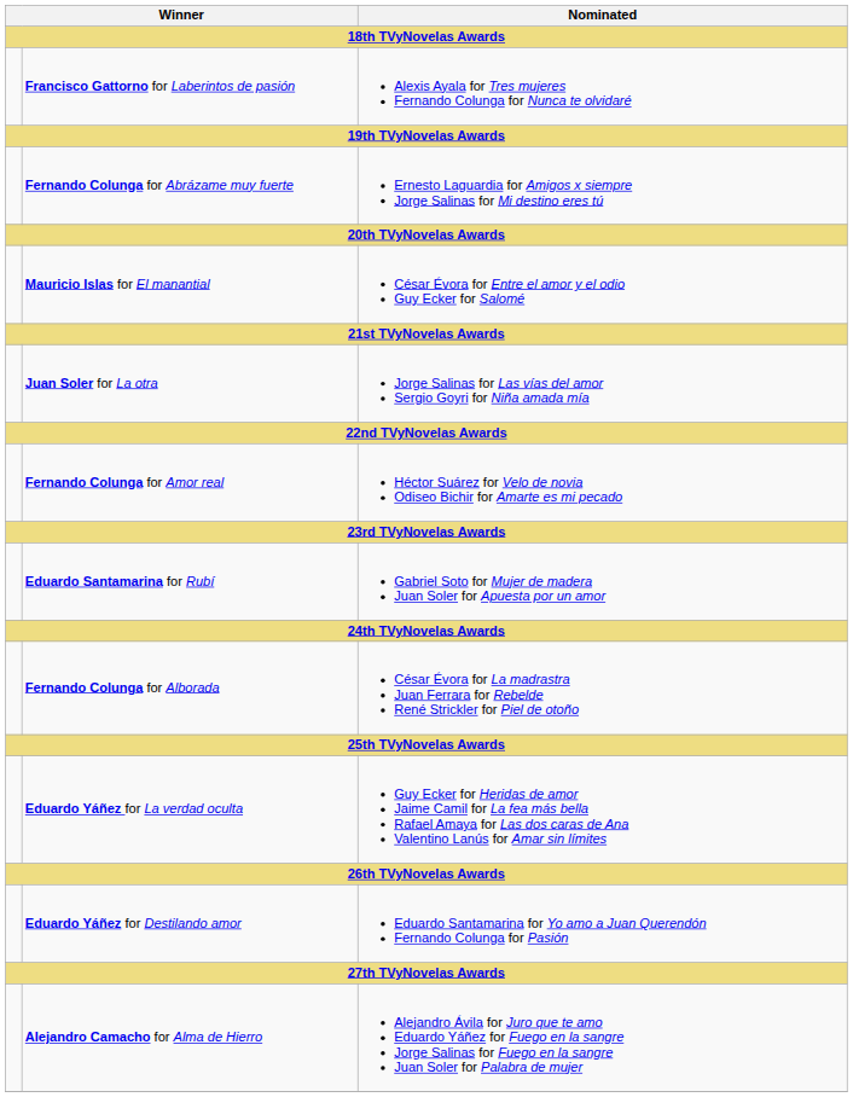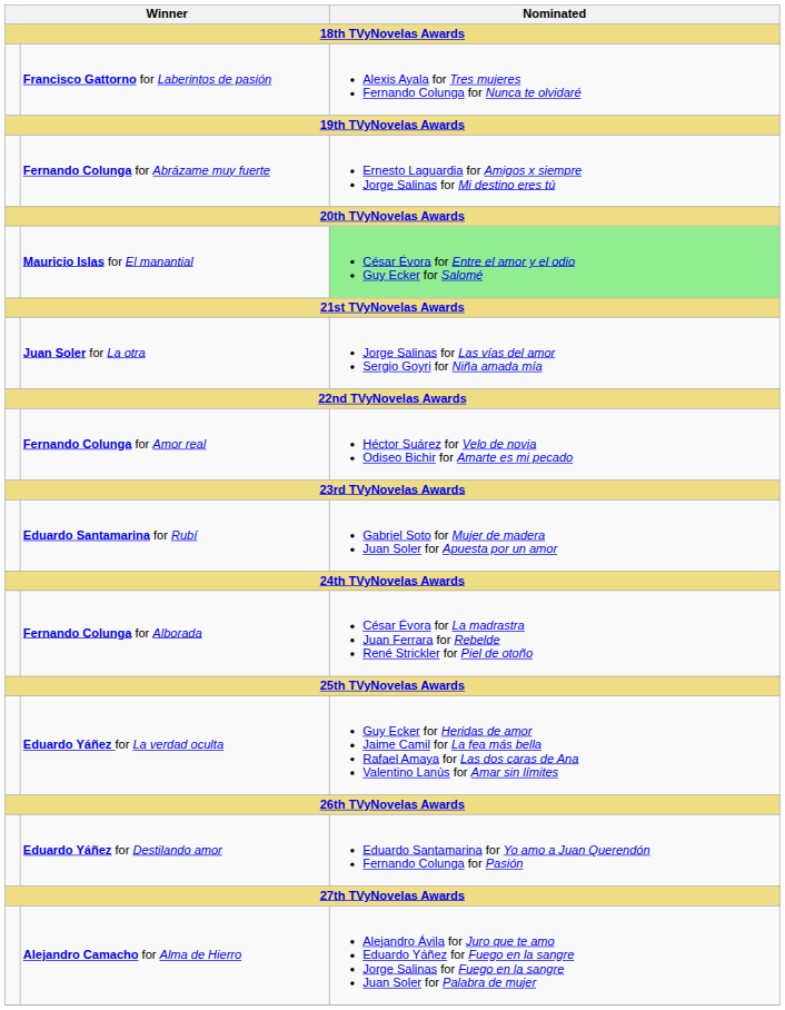 <table class="wikitable" width=80%>
 <tr align=center>
 <th width="150px;" colspan=2; align="center">Winner</th>
 <th width="580px;" align="center">Nominated</th>
 </tr>
 <tr>
 <th colspan=9 style="background:#EEDD82;"  align="center"><strong><a href='#'>18th TVyNovelas Awards</a></strong></th>
 </tr>
 <tr>
 <td width=2%></td>
 <td><strong><a href='#'>Francisco Gattorno</a></strong> for <em><a href='#'>Laberintos de pasión</a></em></td>
 <td><br><ul><li><a href='#'>Alexis Ayala</a> for <em><a href='#'>Tres mujeres</a></em></li><li><a href='#'>Fernando Colunga</a>  for <em><a href='#'>Nunca te olvidaré</a></em></li></ul></td>
 </tr>
 <tr>
 <th colspan=9 style="background:#EEDD82;"  align="center"><strong><a href='#'>19th TVyNovelas Awards</a></strong></th>
 </tr>
 <tr>
 <td width=2%></td>
 <td><strong><a href='#'>Fernando Colunga</a></strong> for <em><a href='#'>Abrázame muy fuerte</a></em></td>
 <td><br><ul><li><a href='#'>Ernesto Laguardia</a> for <em><a href='#'>Amigos x siempre</a></em></li><li><a href='#'>Jorge Salinas</a>  for <em><a href='#'>Mi destino eres tú</a></em></li></ul></td>
 </tr>
 <tr>
 <th colspan=9 style="background:#EEDD82;"  align="center"><strong><a href='#'>20th TVyNovelas Awards</a></strong></th>
 </tr>
 <tr>
 <td width=2%></td>
 <td><strong><a href='#'>Mauricio Islas</a></strong> for <em><a href='#'>El manantial</a></em></td>
-<td><br><ul><li><a href='#'>César Évora</a> for <em><a href='#'>Entre el amor y el odio</a></em></li><li><a href='#'>Guy Ecker</a>  for <em><a href='#'>Salomé</a></em></li></ul></td>
+<td style="background: lightgreen;"><br><ul><li><a href='#'>César Évora</a> for <em><a href='#'>Entre el amor y el odio</a></em></li><li><a href='#'>Guy Ecker</a>  for <em><a href='#'>Salomé</a></em></li></ul></td>
 </tr>
 <tr>
 <th colspan=9 style="background:#EEDD82;"  align="center"><strong><a href='#'>21st TVyNovelas Awards</a></strong></th>
 </tr>
 <tr>
 <td width=2%></td>
 <td><strong><a href='#'>Juan Soler</a></strong> for <em><a href='#'>La otra</a></em></td>
 <td><br><ul><li><a href='#'>Jorge Salinas</a> for <em><a href='#'>Las vías del amor</a></em></li><li><a href='#'>Sergio Goyri</a>  for <em><a href='#'>Niña amada mía</a></em></li></ul></td>
 </tr>
 <tr>
 <th colspan=9 style="background:#EEDD82;"  align="center"><strong><a href='#'>22nd TVyNovelas Awards</a></strong></th>
 </tr>
 <tr>
 <td width=2%></td>
 <td><strong><a href='#'>Fernando Colunga</a></strong> for <em><a href='#'>Amor real</a></em></td>
 <td><br><ul><li><a href='#'>Héctor Suárez</a> for <em><a href='#'>Velo de novia</a></em></li><li><a href='#'>Odiseo Bichir</a>  for <em><a href='#'>Amarte es mi pecado</a></em></li></ul></td>
 </tr>
 <tr>
 <th colspan=9 style="background:#EEDD82;"  align="center"><strong><a href='#'>23rd TVyNovelas Awards</a></strong></th>
 </tr>
 <tr>
 <td width=2%></td>
 <td><strong><a href='#'>Eduardo Santamarina</a></strong> for <em><a href='#'>Rubí</a></em></td>
 <td><br><ul><li><a href='#'>Gabriel Soto</a> for <em><a href='#'>Mujer de madera</a></em></li><li><a href='#'>Juan Soler</a>  for <em><a href='#'>Apuesta por un amor</a></em></li></ul></td>
 </tr>
 <tr>
 <th colspan=9 style="background:#EEDD82;"  align="center"><strong><a href='#'>24th TVyNovelas Awards</a></strong></th>
 </tr>
 <tr>
 <td width=2%></td>
 <td><strong><a href='#'>Fernando Colunga</a></strong> for <em><a href='#'>Alborada</a></em></td>
 <td><br><ul><li><a href='#'>César Évora</a> for <em><a href='#'>La madrastra</a></em></li><li><a href='#'>Juan Ferrara</a>  for <em><a href='#'>Rebelde</a></em></li><li><a href='#'>René Strickler</a>  for <em><a href='#'>Piel de otoño</a></em></li></ul></td>
 </tr>
 <tr>
 <th colspan=9 style="background:#EEDD82;"  align="center"><strong><a href='#'>25th TVyNovelas Awards</a></strong></th>
 </tr>
 <tr>
 <td width=2%></td>
 <td><strong><a href='#'>Eduardo Yáñez </a></strong> for <em><a href='#'>La verdad oculta</a></em></td>
 <td><br><ul><li><a href='#'>Guy Ecker</a> for <em><a href='#'>Heridas de amor</a></em></li><li><a href='#'>Jaime Camil</a>  for <em><a href='#'>La fea más bella</a></em></li><li><a href='#'>Rafael Amaya</a>  for <em><a href='#'>Las dos caras de Ana</a></em></li><li><a href='#'>Valentino Lanús</a>  for <em><a href='#'>Amar sin límites</a></em></li></ul></td>
 </tr>
 <tr>
 <th colspan=9 style="background:#EEDD82;"  align="center"><strong><a href='#'>26th TVyNovelas Awards</a></strong></th>
 </tr>
 <tr>
 <td width=2%></td>
 <td><strong><a href='#'>Eduardo Yáñez</a></strong> for <em><a href='#'>Destilando amor</a></em></td>
 <td><br><ul><li><a href='#'>Eduardo Santamarina</a> for <em><a href='#'>Yo amo a Juan Querendón</a></em></li><li><a href='#'>Fernando Colunga</a>  for <em><a href='#'>Pasión</a></em></li></ul></td>
 </tr>
 <tr>
 <th colspan=9 style="background:#EEDD82;"  align="center"><strong><a href='#'>27th TVyNovelas Awards</a></strong></th>
 </tr>
 <tr>
 <td width=2%></td>
 <td><strong><a href='#'>Alejandro Camacho</a></strong> for <em><a href='#'>Alma de Hierro</a></em></td>
 <td><br><ul><li><a href='#'>Alejandro Ávila</a> for <em><a href='#'>Juro que te amo</a></em></li><li><a href='#'>Eduardo Yáñez</a>  for <em><a href='#'>Fuego en la sangre</a></em></li><li><a href='#'>Jorge Salinas</a>  for <em><a href='#'>Fuego en la sangre</a></em></li><li><a href='#'>Juan Soler</a>  for <em><a href='#'>Palabra de mujer</a></em></li></ul></td>
 </tr>
 <tr>
 </tr>
 </table>
